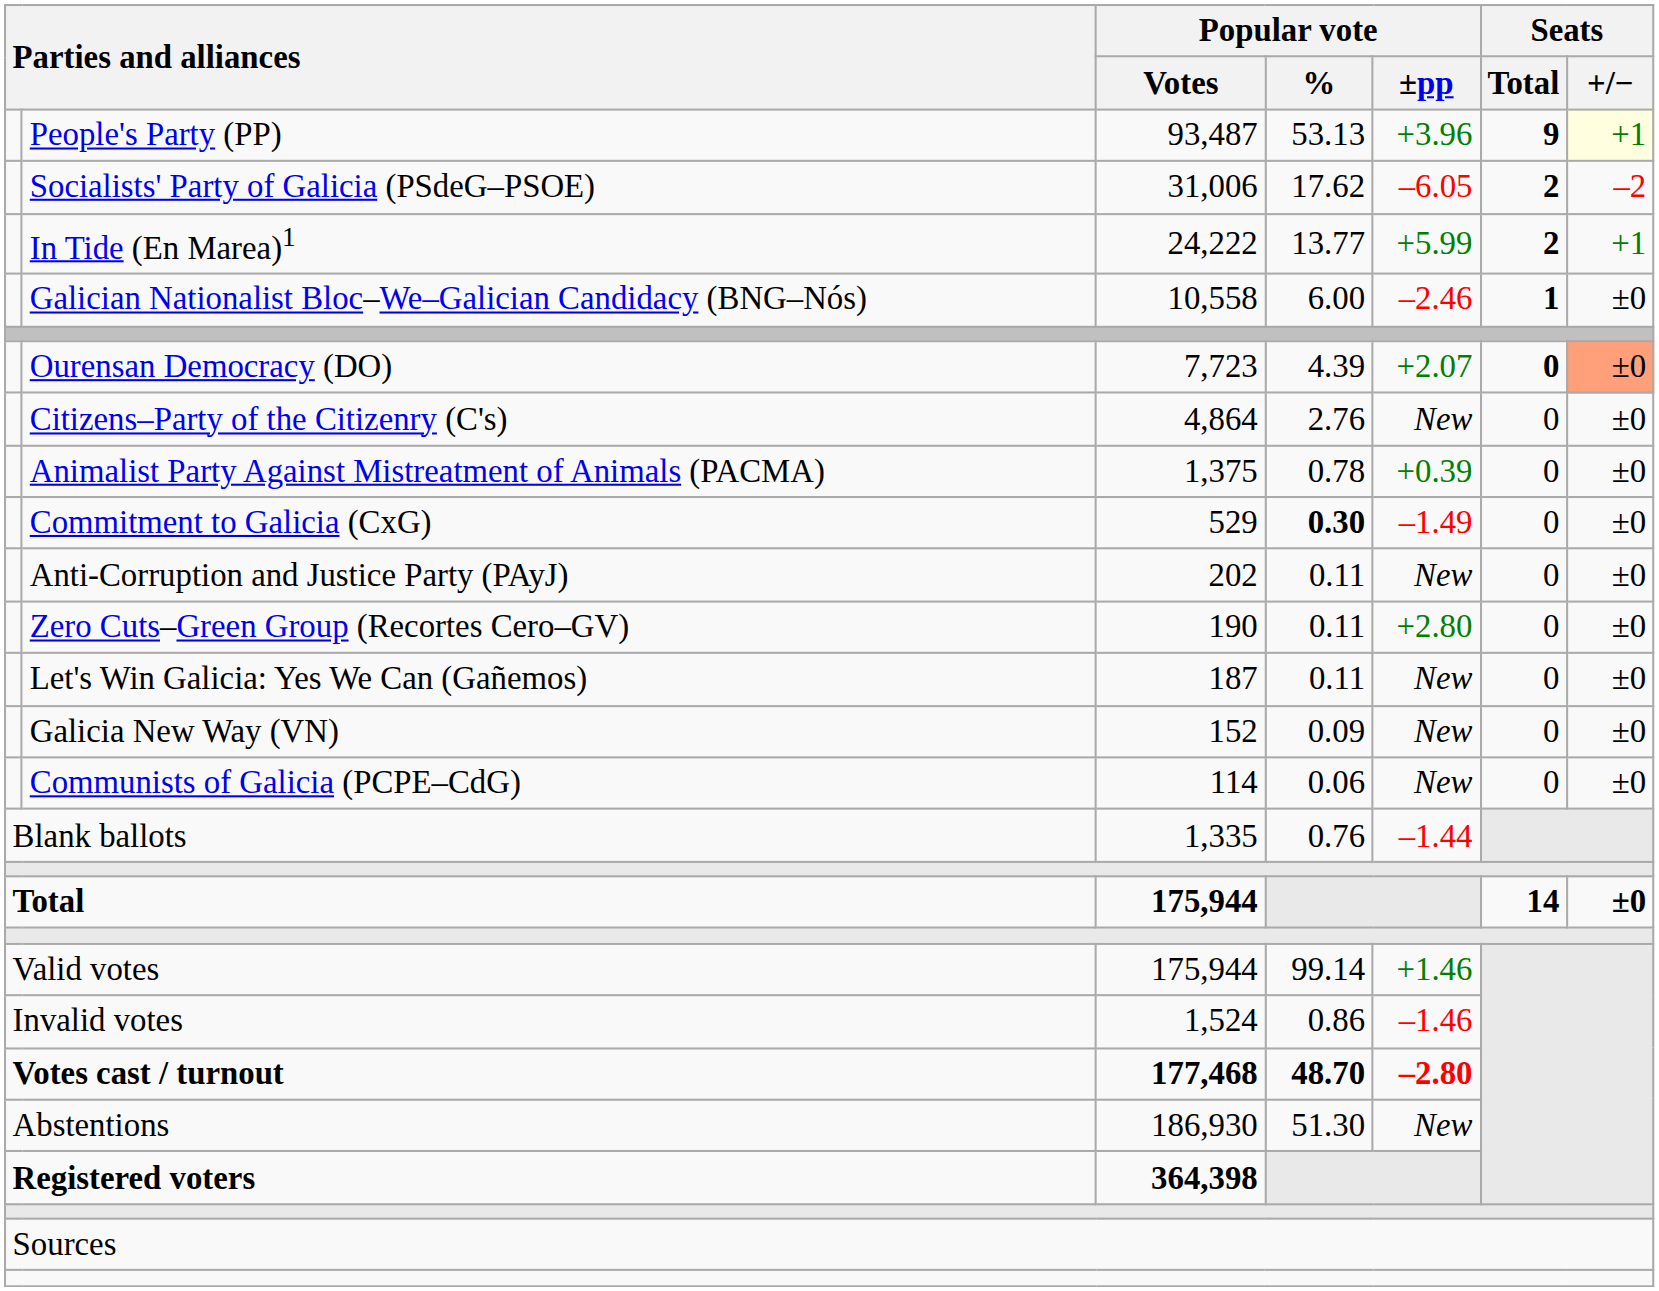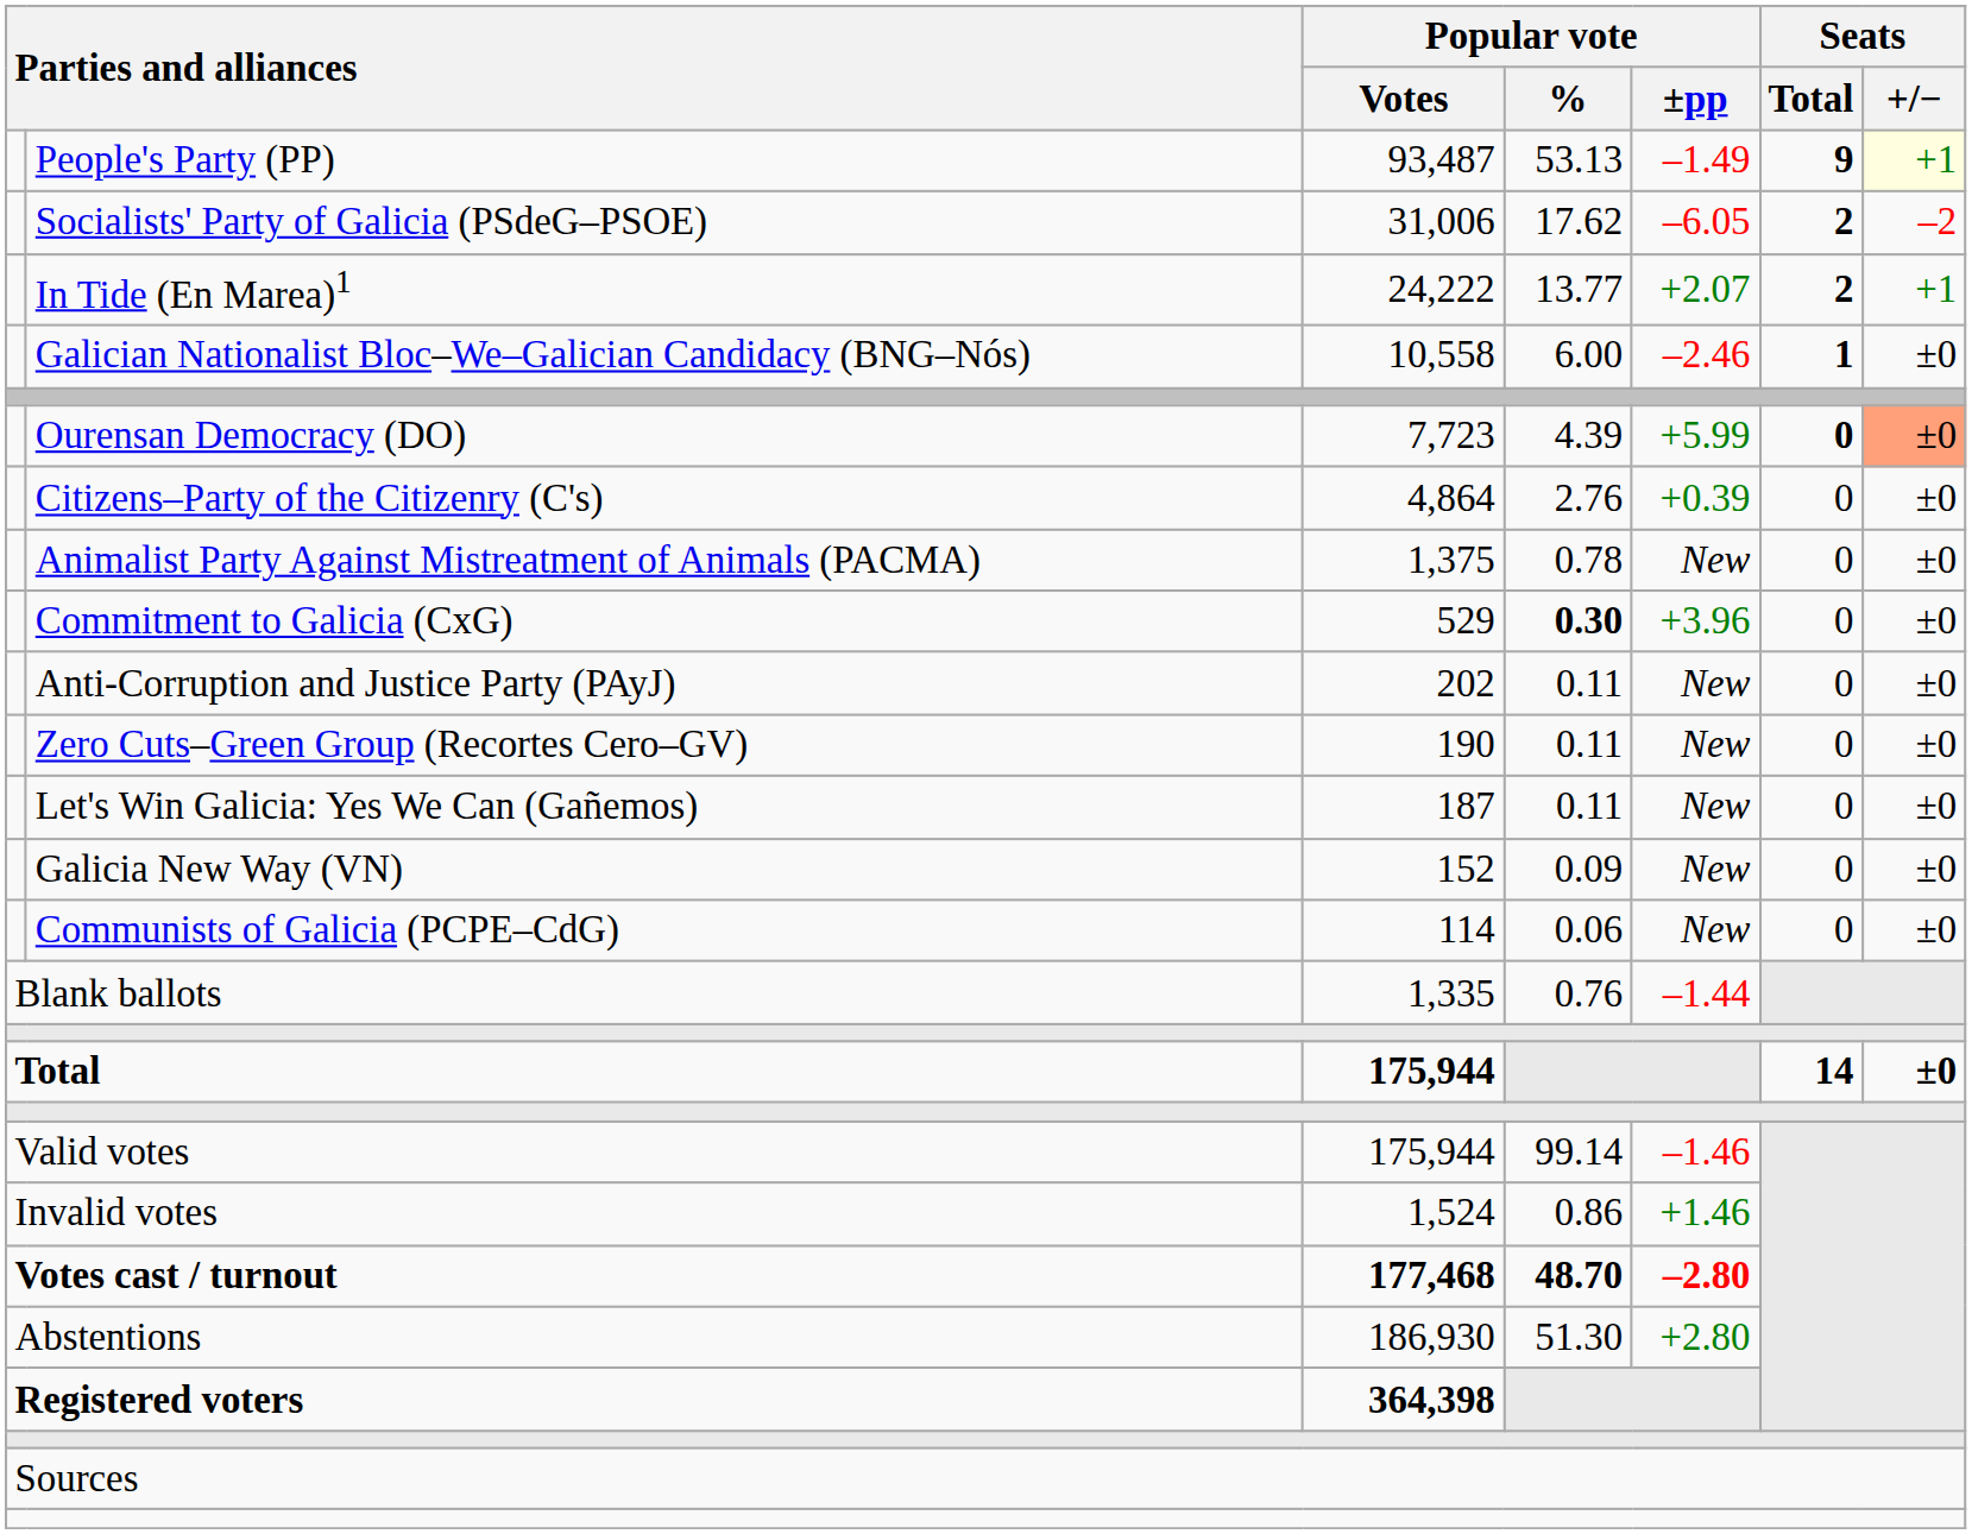 <table class="wikitable" style="text-align:right;">
 <tr>
 <th style="text-align:left;" rowspan="2" colspan="2" width="525">Parties and alliances</th>
 <th colspan="3">Popular vote</th>
 <th colspan="2">Seats</th>
 </tr>
 <tr>
 <th width="75">Votes</th>
 <th width="45">%</th>
 <th width="45">±<a href='#'>pp</a></th>
 <th width="35">Total</th>
 <th width="35">+/−</th>
 </tr>
 <tr>
 <td width="1" style="color:inherit;background:"></td>
 <td align="left"><a href='#'>People's Party</a> (PP)</td>
 <td>93,487</td>
 <td>53.13</td>
-<td style="color:green;">+3.96</td>
+<td style="color:red;">–1.49</td>
 <td><strong>9</strong></td>
 <td style="background: lightyellow; color:green;">+1</td>
 </tr>
 <tr>
 <td style="color:inherit;background:"></td>
 <td align="left"><a href='#'>Socialists' Party of Galicia</a> (PSdeG–PSOE)</td>
 <td>31,006</td>
 <td>17.62</td>
 <td style="color:red;">–6.05</td>
 <td><strong>2</strong></td>
 <td style="color:red;">–2</td>
 </tr>
 <tr>
 <td style="color:inherit;background:"></td>
 <td align="left"><a href='#'>In Tide</a> (En Marea)<sup>1</sup></td>
 <td>24,222</td>
 <td>13.77</td>
-<td style="color:green;">+5.99</td>
+<td style="color:green;">+2.07</td>
 <td><strong>2</strong></td>
 <td style="color:green;">+1</td>
 </tr>
 <tr>
 <td style="color:inherit;background:"></td>
 <td align="left"><a href='#'>Galician Nationalist Bloc</a>–<a href='#'>We–Galician Candidacy</a> (BNG–Nós)</td>
 <td>10,558</td>
 <td>6.00</td>
 <td style="color:red;">–2.46</td>
 <td><strong>1</strong></td>
 <td>±0</td>
 </tr>
 <tr>
 <td colspan="7" bgcolor="#C0C0C0"></td>
 </tr>
 <tr>
 <td style="color:inherit;background:"></td>
 <td align="left"><a href='#'>Ourensan Democracy</a> (DO)</td>
 <td>7,723</td>
 <td>4.39</td>
-<td style="color:green;">+2.07</td>
+<td style="color:green;">+5.99</td>
 <td><strong>0</strong></td>
 <td style="background: lightsalmon;">±0</td>
 </tr>
 <tr>
 <td style="color:inherit;background:"></td>
 <td align="left"><a href='#'>Citizens–Party of the Citizenry</a> (C's)</td>
 <td>4,864</td>
 <td>2.76</td>
-<td><em>New</em></td>
+<td style="color:green;">+0.39</td>
 <td>0</td>
 <td>±0</td>
 </tr>
 <tr>
 <td style="color:inherit;background:"></td>
 <td align="left"><a href='#'>Animalist Party Against Mistreatment of Animals</a> (PACMA)</td>
 <td>1,375</td>
 <td>0.78</td>
-<td style="color:green;">+0.39</td>
+<td><em>New</em></td>
 <td>0</td>
 <td>±0</td>
 </tr>
 <tr>
 <td style="color:inherit;background:"></td>
 <td align="left"><a href='#'>Commitment to Galicia</a> (CxG)</td>
 <td>529</td>
 <td><strong>0.30</strong></td>
-<td style="color:red;">–1.49</td>
+<td style="color:green;">+3.96</td>
 <td>0</td>
 <td>±0</td>
 </tr>
 <tr>
 <td style="color:inherit;background:"></td>
 <td align="left">Anti-Corruption and Justice Party (PAyJ)</td>
 <td>202</td>
 <td>0.11</td>
 <td><em>New</em></td>
 <td>0</td>
 <td>±0</td>
 </tr>
 <tr>
 <td style="color:inherit;background:"></td>
 <td align="left"><a href='#'>Zero Cuts</a>–<a href='#'>Green Group</a> (Recortes Cero–GV)</td>
 <td>190</td>
 <td>0.11</td>
-<td style="color:green;">+2.80</td>
+<td><em>New</em></td>
 <td>0</td>
 <td>±0</td>
 </tr>
 <tr>
 <td style="color:inherit;background:"></td>
 <td align="left">Let's Win Galicia: Yes We Can (Gañemos)</td>
 <td>187</td>
 <td>0.11</td>
 <td><em>New</em></td>
 <td>0</td>
 <td>±0</td>
 </tr>
 <tr>
 <td style="color:inherit;background:"></td>
 <td align="left">Galicia New Way (VN)</td>
 <td>152</td>
 <td>0.09</td>
 <td><em>New</em></td>
 <td>0</td>
 <td>±0</td>
 </tr>
 <tr>
 <td style="color:inherit;background:"></td>
 <td align="left"><a href='#'>Communists of Galicia</a> (PCPE–CdG)</td>
 <td>114</td>
 <td>0.06</td>
 <td><em>New</em></td>
 <td>0</td>
 <td>±0</td>
 </tr>
 <tr>
 <td align="left" colspan="2">Blank ballots</td>
 <td>1,335</td>
 <td>0.76</td>
 <td style="color:red;">–1.44</td>
 <td bgcolor="#E9E9E9" colspan="2"></td>
 </tr>
 <tr>
 <td colspan="7" bgcolor="#E9E9E9"></td>
 </tr>
 <tr style="font-weight:bold;">
 <td align="left" colspan="2">Total</td>
 <td>175,944</td>
 <td bgcolor="#E9E9E9" colspan="2"></td>
 <td>14</td>
 <td>±0</td>
 </tr>
 <tr>
 <td colspan="7" bgcolor="#E9E9E9"></td>
 </tr>
 <tr>
 <td align="left" colspan="2">Valid votes</td>
 <td>175,944</td>
 <td>99.14</td>
-<td style="color:green;">+1.46</td>
+<td style="color:red;">–1.46</td>
 <td bgcolor="#E9E9E9" colspan="2" rowspan="5"></td>
 </tr>
 <tr>
 <td align="left" colspan="2">Invalid votes</td>
 <td>1,524</td>
 <td>0.86</td>
-<td style="color:red;">–1.46</td>
+<td style="color:green;">+1.46</td>
 </tr>
 <tr style="font-weight:bold;">
 <td align="left" colspan="2">Votes cast / turnout</td>
 <td>177,468</td>
 <td>48.70</td>
 <td style="color:red;">–2.80</td>
 </tr>
 <tr>
 <td align="left" colspan="2">Abstentions</td>
 <td>186,930</td>
 <td>51.30</td>
-<td><em>New</em></td>
+<td style="color:green;">+2.80</td>
 </tr>
 <tr style="font-weight:bold;">
 <td align="left" colspan="2">Registered voters</td>
 <td>364,398</td>
 <td bgcolor="#E9E9E9" colspan="2"></td>
 </tr>
 <tr>
 <td colspan="7" bgcolor="#E9E9E9"></td>
 </tr>
 <tr>
 <td align="left" colspan="7">Sources</td>
 </tr>
 <tr>
 <td colspan="7" style="text-align:left; max-width:790px;"></td>
 </tr>
 </table>
